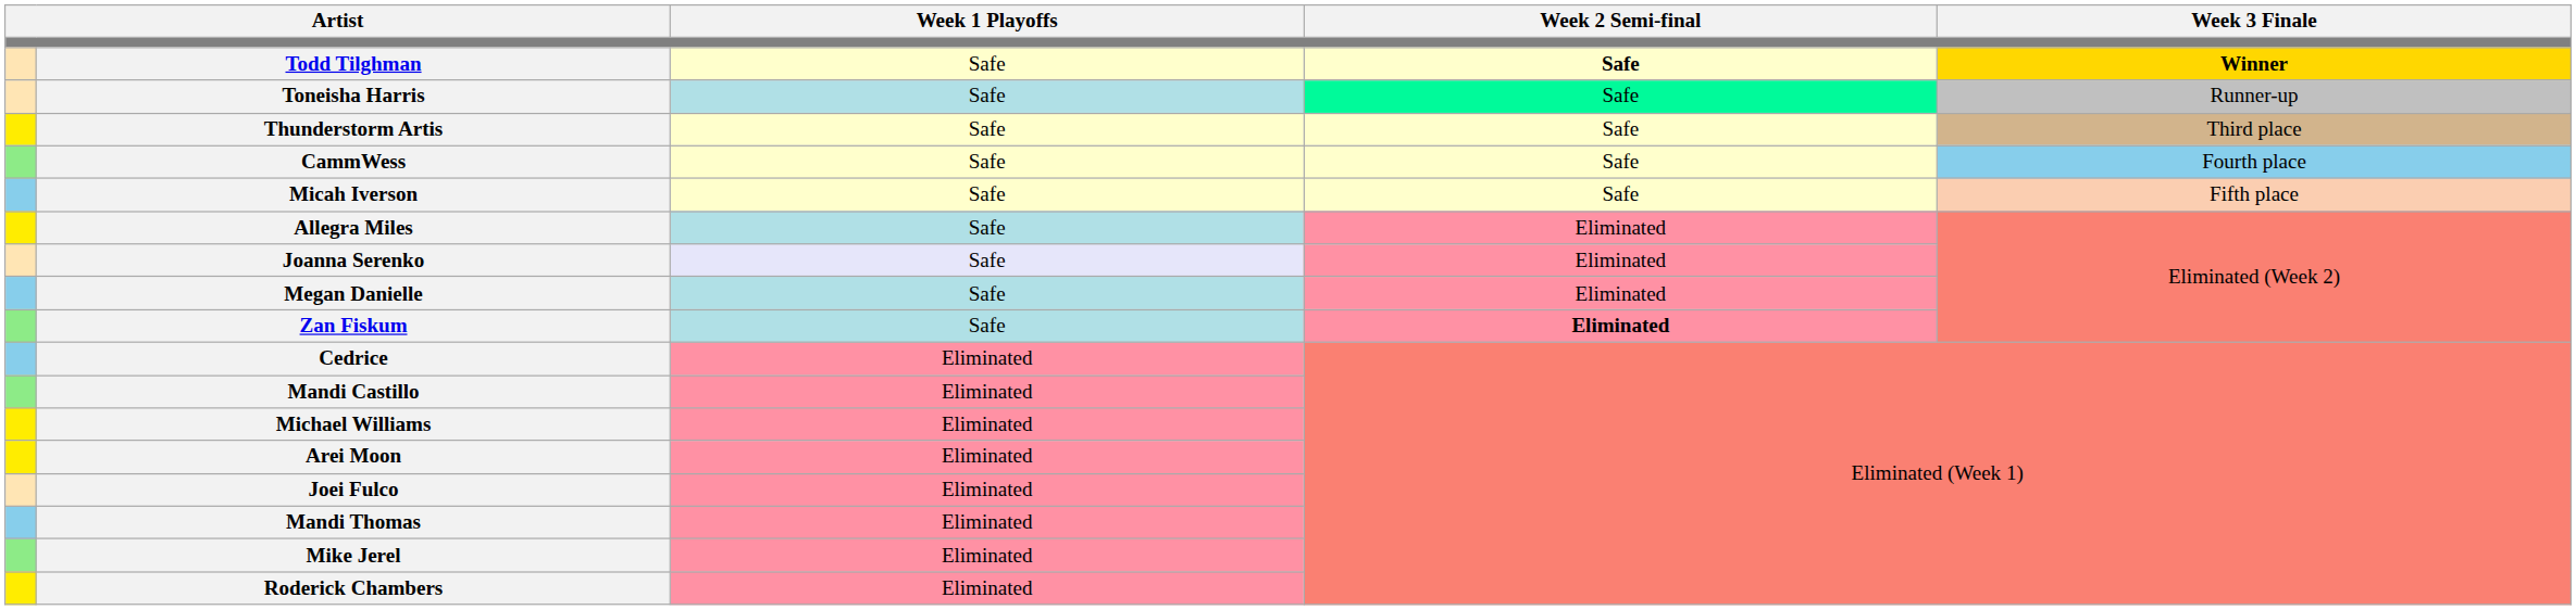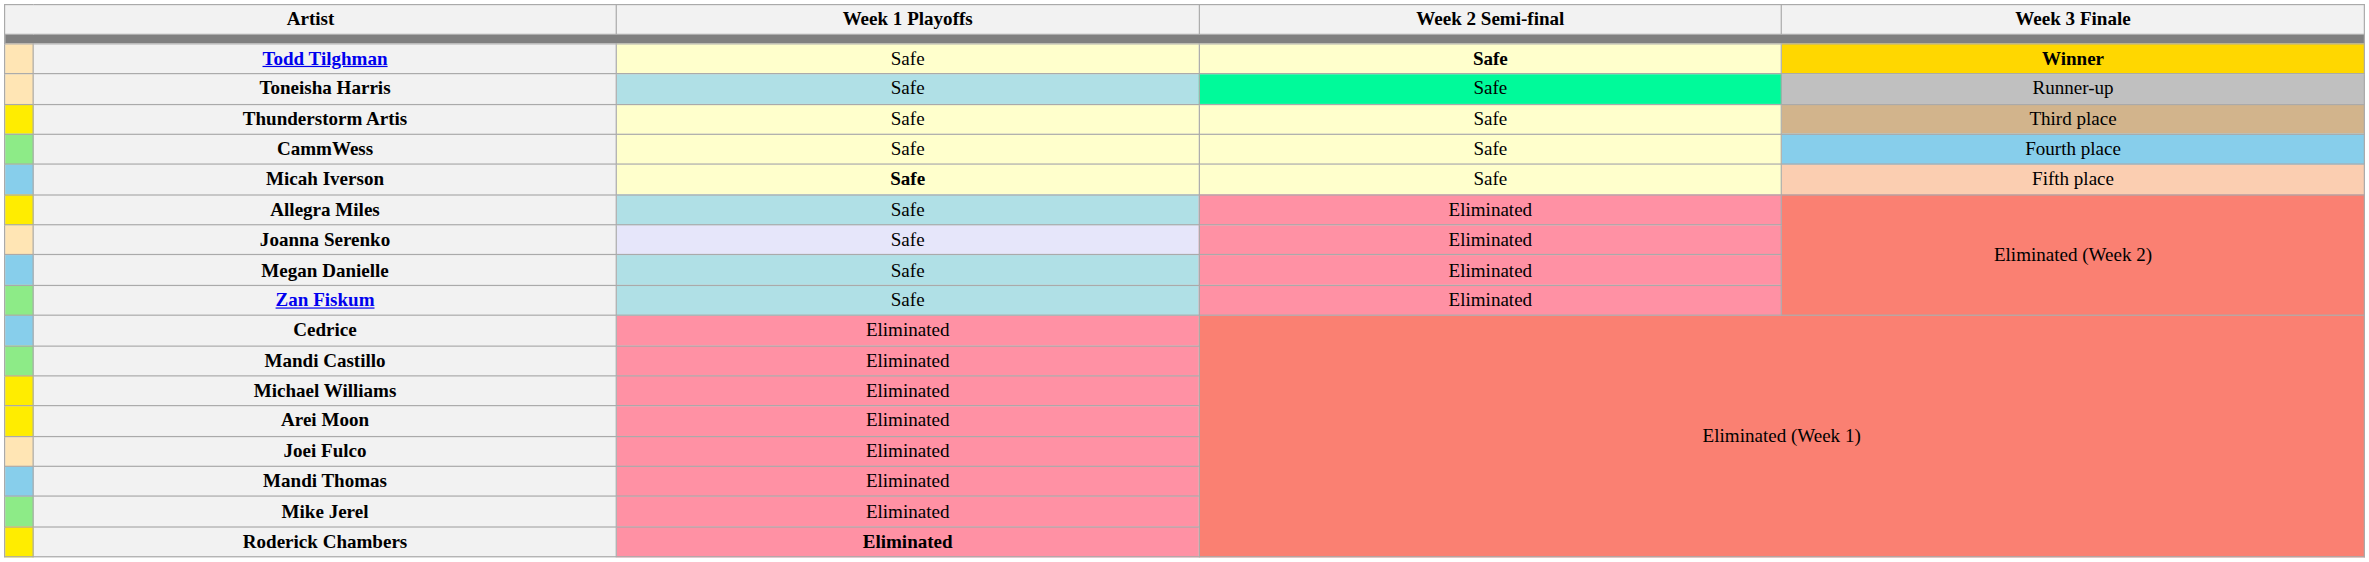 <table class="wikitable"  style="text-align:center; font-size:100%; width:100%">
 <tr>
 <th colspan="2" width="21%">Artist</th>
 <th style="width:20%">Week 1 Playoffs</th>
 <th style="width:20%">Week 2 Semi-final</th>
 <th style="width:20%">Week 3 Finale</th>
 </tr>
 <tr>
 <th colspan="9" style="background:gray"></th>
 </tr>
 <tr>
 <th style="background:#ffe5b4; width:01%"></th>
 <th style="width:20%"><a href='#'>Todd Tilghman</a></th>
 <td style="background:#FFFFCC">Safe</td>
 <td style="background:#FFFFCC"><strong>Safe</strong></td>
 <td style="background: gold"><strong>Winner</strong></td>
 </tr>
 <tr>
 <th style="background:#ffe5b4"></th>
 <th>Toneisha Harris</th>
 <td style="background:#B0E0E6">Safe</td>
 <td style="background:#00FA9A">Safe</td>
 <td style="background: silver">Runner-up</td>
 </tr>
 <tr>
 <th style="background:#ffed00"></th>
 <th>Thunderstorm Artis</th>
 <td style="background:#FFFFCC">Safe</td>
 <td style="background:#FFFFCC">Safe</td>
 <td style="background: tan">Third place</td>
 </tr>
 <tr>
 <th style="background:#8deb87"></th>
 <th>CammWess</th>
 <td style="background:#FFFFCC">Safe</td>
 <td style="background:#FFFFCC">Safe</td>
 <td style="background: skyblue">Fourth place</td>
 </tr>
 <tr>
 <th style="background:#87ceeb"></th>
 <th>Micah Iverson</th>
-<td style="background:#FFFFCC">Safe</td>
+<td style="background:#FFFFCC"><strong>Safe</strong></td>
 <td style="background:#FFFFCC">Safe</td>
 <td style="background:#fbceb1">Fifth place</td>
 </tr>
 <tr>
 <th style="background:#ffed00"></th>
 <th>Allegra Miles</th>
 <td style="background:#B0E0E6">Safe</td>
 <td style="background:#FF91A4">Eliminated</td>
 <td rowspan="4" colspan="4" style="background: salmon">Eliminated (Week 2)</td>
 </tr>
 <tr>
 <th style="background:#ffe5b4"></th>
 <th>Joanna Serenko</th>
 <td style="background:lavender">Safe</td>
 <td style="background:#FF91A4">Eliminated</td>
 </tr>
 <tr>
 <th style="background:#87ceeb"></th>
 <th>Megan Danielle</th>
 <td style="background:#B0E0E6">Safe</td>
 <td style="background:#FF91A4">Eliminated</td>
 </tr>
 <tr>
 <th style="background:#8deb87"></th>
 <th><a href='#'>Zan Fiskum</a></th>
 <td style="background:#B0E0E6">Safe</td>
-<td style="background:#FF91A4"><strong>Eliminated</strong></td>
+<td style="background:#FF91A4">Eliminated</td>
 </tr>
 <tr>
 <th style="background:#87ceeb"></th>
 <th>Cedrice</th>
 <td style="background:#FF91A4">Eliminated</td>
 <td rowspan="8" colspan="5" style="background: salmon">Eliminated (Week 1)</td>
 </tr>
 <tr>
 <th style="background:#8deb87"></th>
 <th>Mandi Castillo</th>
 <td style="background:#FF91A4">Eliminated</td>
 </tr>
 <tr>
 <th style="background:#ffed00"></th>
 <th>Michael Williams</th>
 <td style="background:#FF91A4">Eliminated</td>
 </tr>
 <tr>
 <th style="background:#ffed00"></th>
 <th>Arei Moon</th>
 <td style="background:#FF91A4">Eliminated</td>
 </tr>
 <tr>
 <th style="background:#ffe5b4"></th>
 <th>Joei Fulco</th>
 <td style="background:#FF91A4">Eliminated</td>
 </tr>
 <tr>
 <th style="background:#87ceeb"></th>
 <th>Mandi Thomas</th>
 <td style="background:#FF91A4">Eliminated</td>
 </tr>
 <tr>
 <th style="background:#8deb87"></th>
 <th>Mike Jerel</th>
 <td style="background:#FF91A4">Eliminated</td>
 </tr>
 <tr>
 <th style="background:#ffed00"></th>
 <th>Roderick Chambers</th>
-<td style="background:#FF91A4">Eliminated</td>
+<td style="background:#FF91A4"><strong>Eliminated</strong></td>
 </tr>
 </table>
